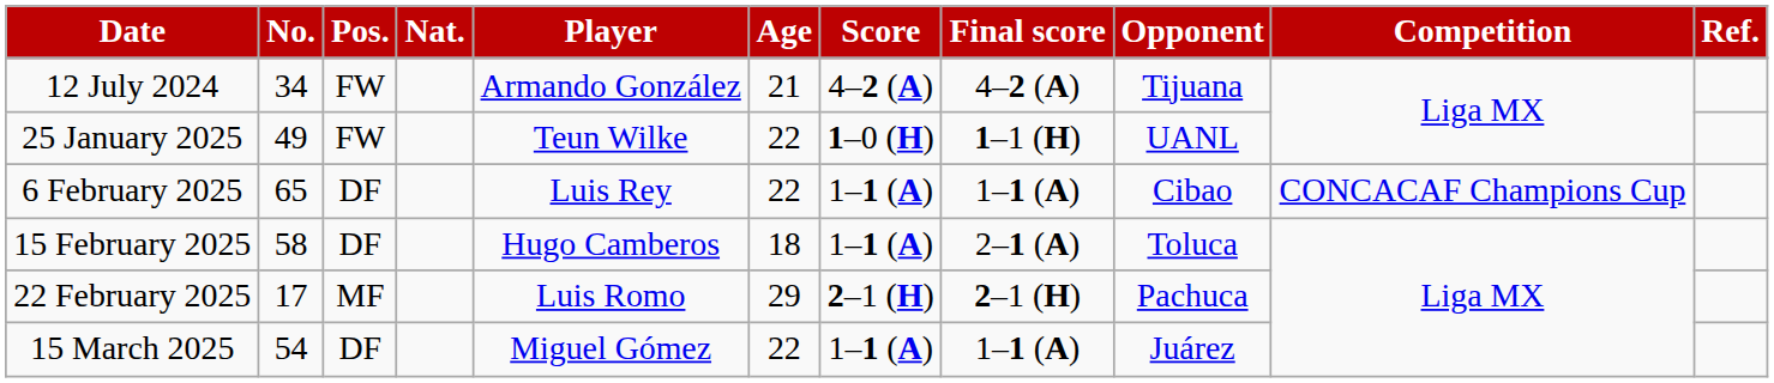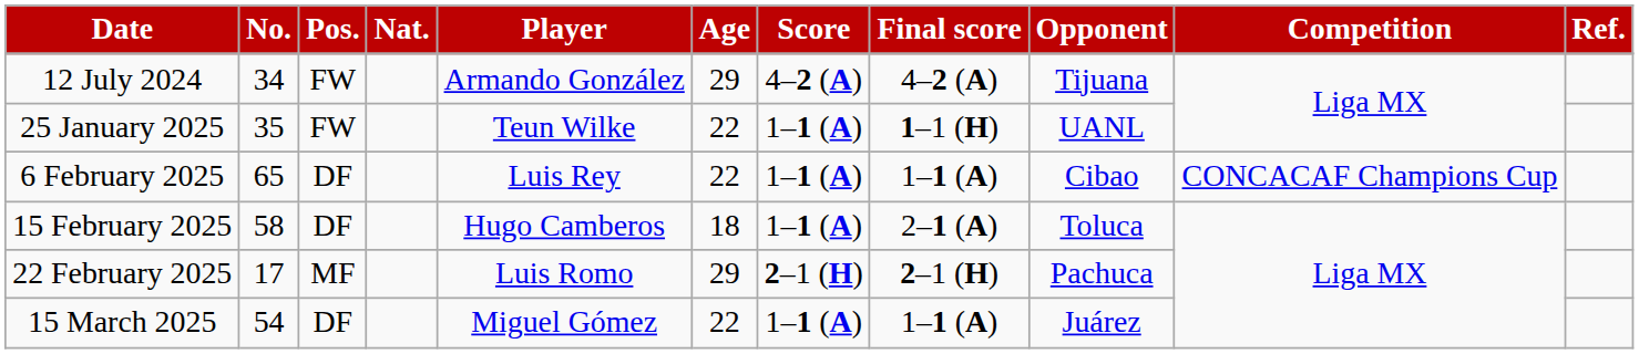 <table class="wikitable" style="text-align:center">
 <tr>
 <th style="background:#bd0102;color:#FFFFFF;">Date</th>
 <th style="background:#bd0102;color:#FFFFFF;">No.</th>
 <th style="background:#bd0102;color:#FFFFFF;">Pos.</th>
 <th style="background:#bd0102;color:#FFFFFF;">Nat.</th>
 <th style="background:#bd0102;color:#FFFFFF;">Player</th>
 <th style="background:#bd0102;color:#FFFFFF;">Age</th>
 <th style="background:#bd0102;color:#FFFFFF;">Score</th>
 <th style="background:#bd0102;color:#FFFFFF;">Final score</th>
 <th style="background:#bd0102;color:#FFFFFF;">Opponent</th>
 <th style="background:#bd0102;color:#FFFFFF;">Competition</th>
 <th style="background:#bd0102;color:#FFFFFF;">Ref.</th>
 </tr>
 <tr>
 </tr>
 <tr>
 <td>12 July 2024</td>
 <td>34</td>
 <td>FW</td>
 <td></td>
 <td><a href='#'>Armando González</a></td>
-<td>21</td>
+<td>29</td>
 <td>4–<strong>2</strong> (<a href='#'><strong>A</strong></a>)</td>
 <td>4–<strong>2</strong> (<strong>A</strong>)</td>
 <td><a href='#'>Tijuana</a></td>
 <td rowspan=2><a href='#'>Liga MX</a></td>
 <td></td>
 </tr>
 <tr>
 <td>25 January 2025</td>
-<td>49</td>
+<td>35</td>
 <td>FW</td>
 <td></td>
 <td><a href='#'>Teun Wilke</a></td>
 <td>22</td>
-<td><strong>1</strong>–0 (<a href='#'><strong>H</strong></a>)</td>
+<td>1–<strong>1</strong> (<a href='#'><strong>A</strong></a>)</td>
 <td><strong>1</strong>–1 (<strong>H</strong>)</td>
 <td><a href='#'>UANL</a></td>
 <td></td>
 </tr>
 <tr>
 <td>6 February 2025</td>
 <td>65</td>
 <td>DF</td>
 <td></td>
 <td><a href='#'>Luis Rey</a></td>
 <td>22</td>
 <td>1–<strong>1</strong> (<a href='#'><strong>A</strong></a>)</td>
 <td>1–<strong>1</strong> (<strong>A</strong>)</td>
 <td> <a href='#'>Cibao</a></td>
 <td><a href='#'>CONCACAF Champions Cup</a></td>
 <td></td>
 </tr>
 <tr>
 <td>15 February 2025</td>
 <td>58</td>
 <td>DF</td>
 <td></td>
 <td><a href='#'>Hugo Camberos</a></td>
 <td>18</td>
 <td>1–<strong>1</strong> (<a href='#'><strong>A</strong></a>)</td>
 <td>2–<strong>1</strong> (<strong>A</strong>)</td>
 <td><a href='#'>Toluca</a></td>
 <td rowspan=3><a href='#'>Liga MX</a></td>
 <td></td>
 </tr>
 <tr>
 <td>22 February 2025</td>
 <td>17</td>
 <td>MF</td>
 <td></td>
 <td><a href='#'>Luis Romo</a></td>
 <td>29</td>
 <td><strong>2</strong>–1 (<a href='#'><strong>H</strong></a>)</td>
 <td><strong>2</strong>–1 (<strong>H</strong>)</td>
 <td><a href='#'>Pachuca</a></td>
 <td></td>
 </tr>
 <tr>
 <td>15 March 2025</td>
 <td>54</td>
 <td>DF</td>
 <td></td>
 <td><a href='#'>Miguel Gómez</a></td>
 <td>22</td>
 <td>1–<strong>1</strong> (<a href='#'><strong>A</strong></a>)</td>
 <td>1–<strong>1</strong> (<strong>A</strong>)</td>
 <td><a href='#'>Juárez</a></td>
 <td></td>
 </tr>
 </table>
